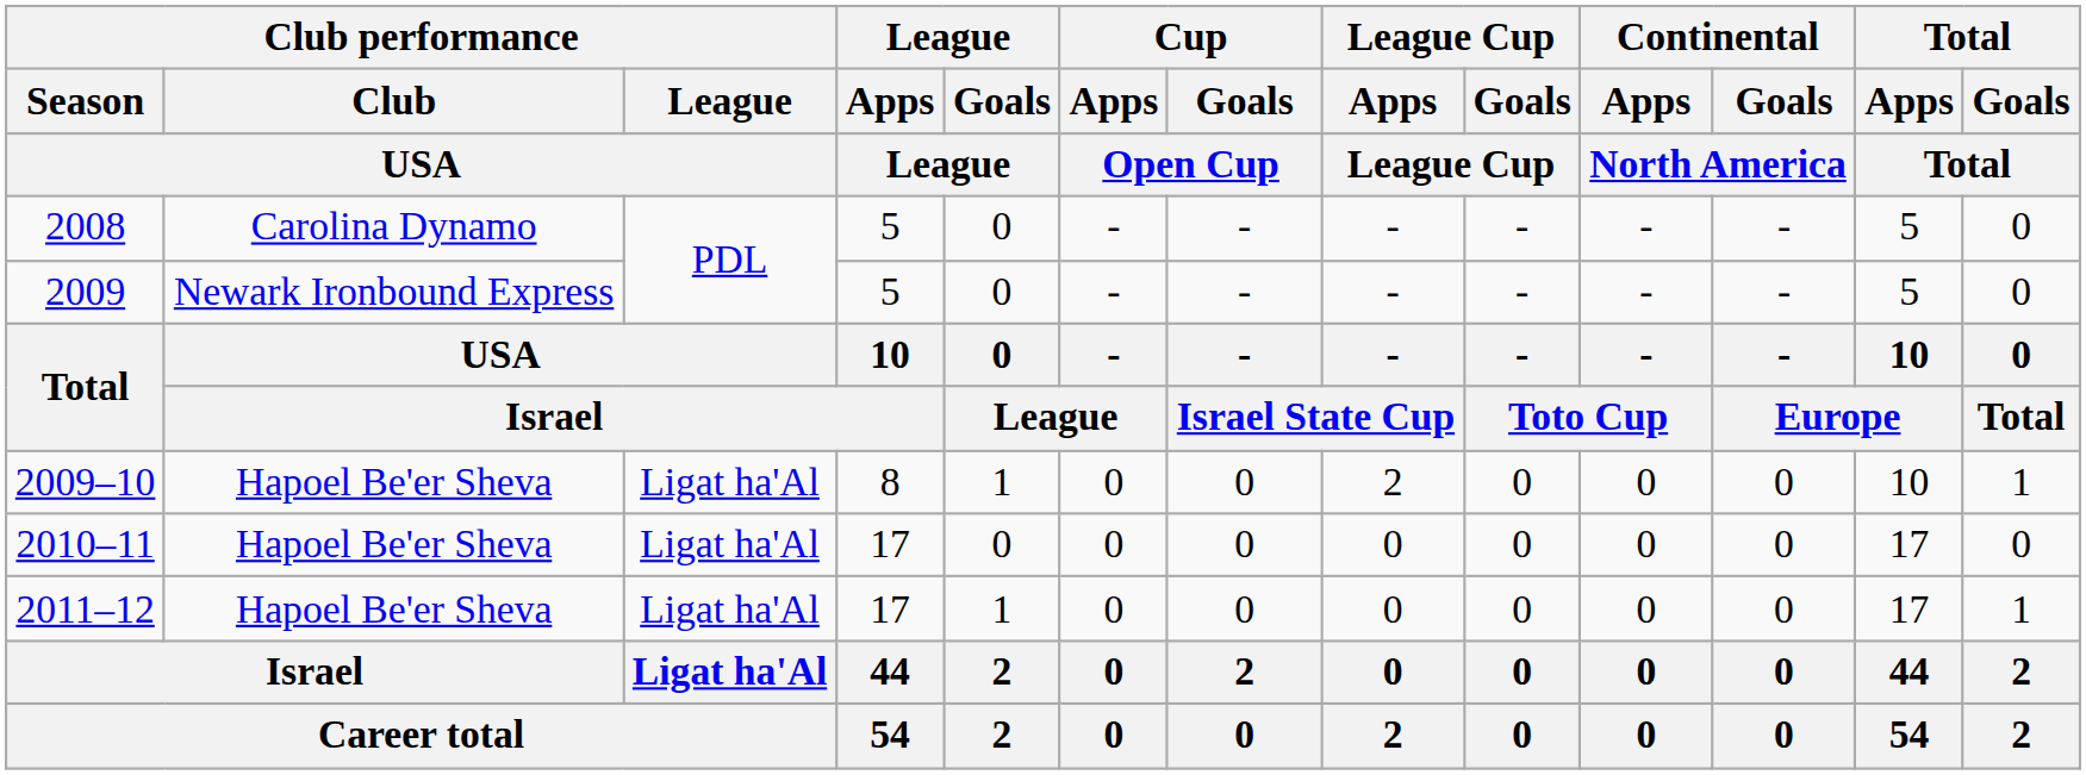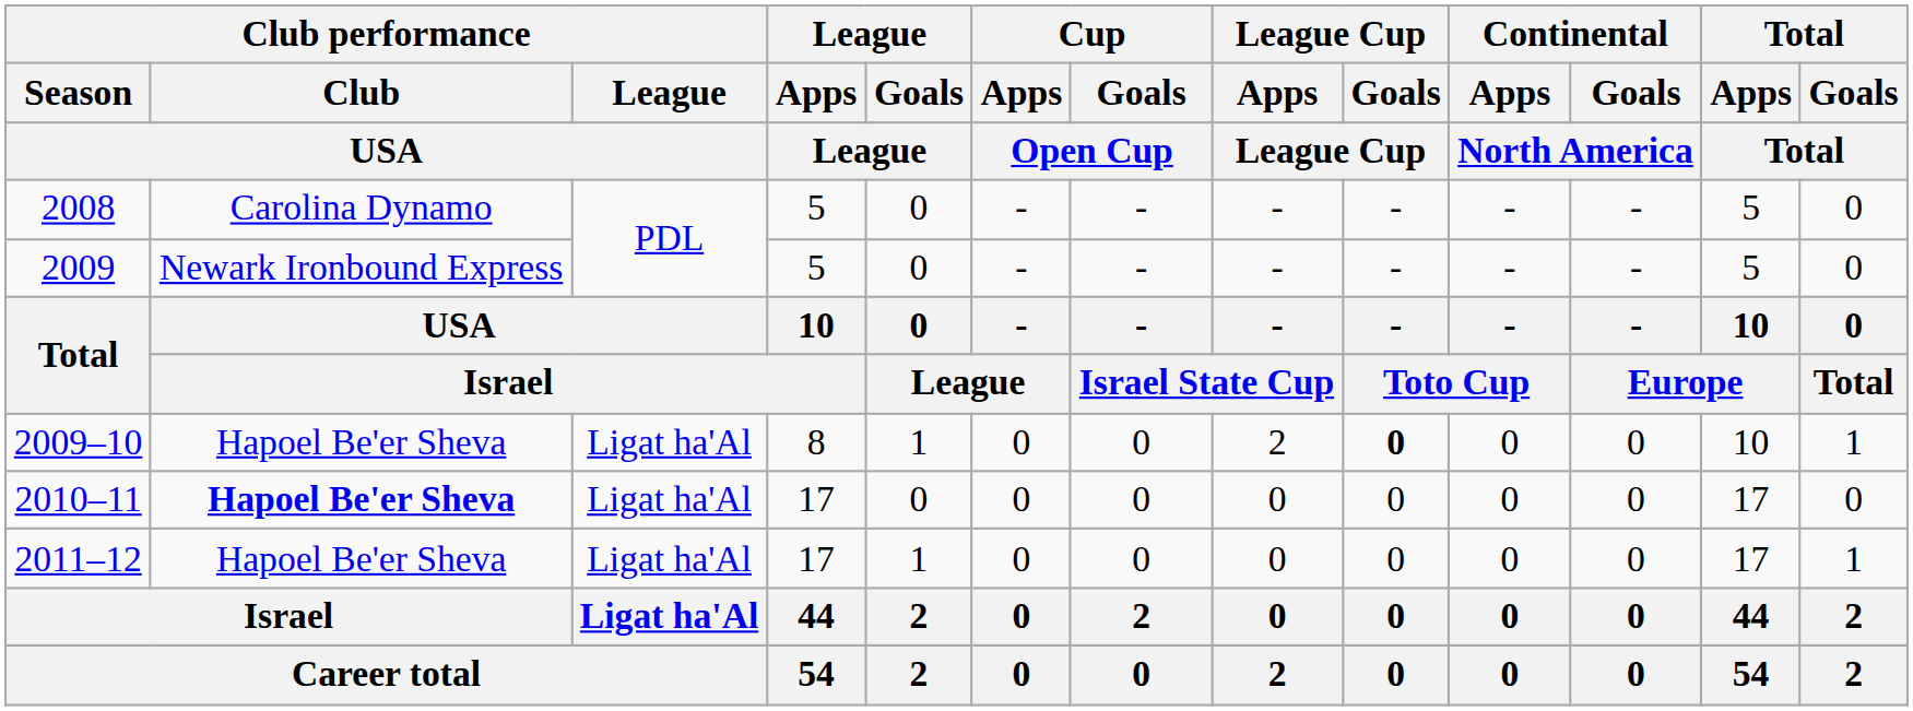 <table class="wikitable" style="text-align:center">
 <tr>
 <th colspan=3>Club performance</th>
 <th colspan=2>League</th>
 <th colspan=2>Cup</th>
 <th colspan=2>League Cup</th>
 <th colspan=2>Continental</th>
 <th colspan=2>Total</th>
 </tr>
 <tr>
 <th>Season</th>
 <th>Club</th>
 <th>League</th>
 <th>Apps</th>
 <th>Goals</th>
 <th>Apps</th>
 <th>Goals</th>
 <th>Apps</th>
 <th>Goals</th>
 <th>Apps</th>
 <th>Goals</th>
 <th>Apps</th>
 <th>Goals</th>
 </tr>
 <tr>
 <th colspan=3>USA</th>
 <th colspan=2>League</th>
 <th colspan=2><a href='#'>Open Cup</a></th>
 <th colspan=2>League Cup</th>
 <th colspan=2><a href='#'>North America</a></th>
 <th colspan=2>Total</th>
 </tr>
 <tr>
 <td><a href='#'>2008</a></td>
 <td><a href='#'>Carolina Dynamo</a></td>
 <td rowspan="2"><a href='#'>PDL</a></td>
 <td>5</td>
 <td>0</td>
 <td>-</td>
 <td>-</td>
 <td>-</td>
 <td>-</td>
 <td>-</td>
 <td>-</td>
 <td>5</td>
 <td>0</td>
 </tr>
 <tr>
 <td><a href='#'>2009</a></td>
 <td><a href='#'>Newark Ironbound Express</a></td>
 <td>5</td>
 <td>0</td>
 <td>-</td>
 <td>-</td>
 <td>-</td>
 <td>-</td>
 <td>-</td>
 <td>-</td>
 <td>5</td>
 <td>0</td>
 </tr>
 <tr>
 <th rowspan=2>Total</th>
 <th colspan=2>USA</th>
 <th>10</th>
 <th>0</th>
 <th>-</th>
 <th>-</th>
 <th>-</th>
 <th>-</th>
 <th>-</th>
 <th>-</th>
 <th>10</th>
 <th>0</th>
 </tr>
 <tr>
 <th colspan=3>Israel</th>
 <th colspan=2>League</th>
 <th colspan=2><a href='#'>Israel State Cup</a></th>
 <th colspan=2><a href='#'>Toto Cup</a></th>
 <th colspan=2><a href='#'>Europe</a></th>
 <th colspan=2>Total</th>
 </tr>
 <tr>
 <td><a href='#'>2009–10</a></td>
 <td><a href='#'>Hapoel Be'er Sheva</a></td>
 <td><a href='#'>Ligat ha'Al</a></td>
 <td>8</td>
 <td>1</td>
 <td>0</td>
 <td>0</td>
 <td>2</td>
-<td>0</td>
+<td><strong>0</strong></td>
 <td>0</td>
 <td>0</td>
 <td>10</td>
 <td>1</td>
 </tr>
 <tr>
 <td><a href='#'>2010–11</a></td>
-<td><a href='#'>Hapoel Be'er Sheva</a></td>
+<td><strong><a href='#'>Hapoel Be'er Sheva</a></strong></td>
 <td><a href='#'>Ligat ha'Al</a></td>
 <td>17</td>
 <td>0</td>
 <td>0</td>
 <td>0</td>
 <td>0</td>
 <td>0</td>
 <td>0</td>
 <td>0</td>
 <td>17</td>
 <td>0</td>
 </tr>
 <tr>
 <td><a href='#'>2011–12</a></td>
 <td><a href='#'>Hapoel Be'er Sheva</a></td>
 <td><a href='#'>Ligat ha'Al</a></td>
 <td>17</td>
 <td>1</td>
 <td>0</td>
 <td>0</td>
 <td>0</td>
 <td>0</td>
 <td>0</td>
 <td>0</td>
 <td>17</td>
 <td>1</td>
 </tr>
 <tr>
 <th colspan=2>Israel</th>
 <th><a href='#'>Ligat ha'Al</a></th>
 <th>44</th>
 <th>2</th>
 <th>0</th>
 <th>2</th>
 <th>0</th>
 <th>0</th>
 <th 0>0</th>
 <th>0</th>
 <th>44</th>
 <th>2</th>
 </tr>
 <tr>
 <th colspan=3>Career total</th>
 <th>54</th>
 <th>2</th>
 <th>0</th>
 <th>0</th>
 <th>2</th>
 <th>0</th>
 <th>0</th>
 <th>0</th>
 <th>54</th>
 <th>2</th>
 </tr>
 </table>
